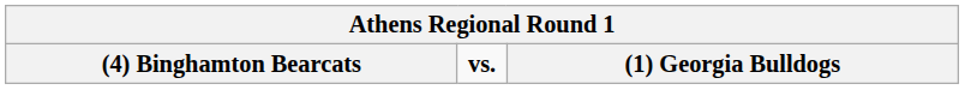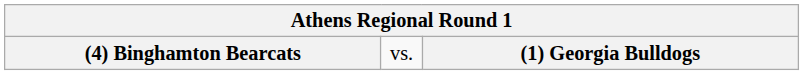 <table class="wikitable">
 <tr>
 <th style="width: 604px;" colspan=3>Athens Regional Round 1</th>
 </tr>
 <tr>
 <th style="width: 289px; ">(4) Binghamton Bearcats</th>
-<td style="width: 25px; text-align:center"><strong>vs.</strong></td>
+<td style="width: 25px; text-align:center">vs.</td>
 <th style="width: 289px; ">(1) Georgia Bulldogs</th>
 </tr>
 </table>
